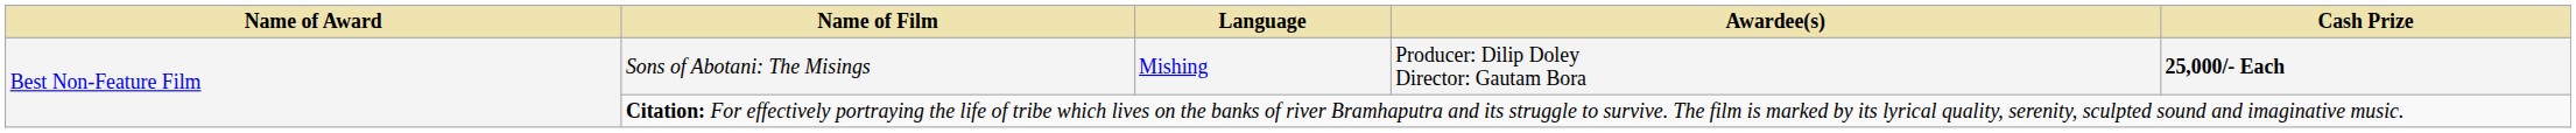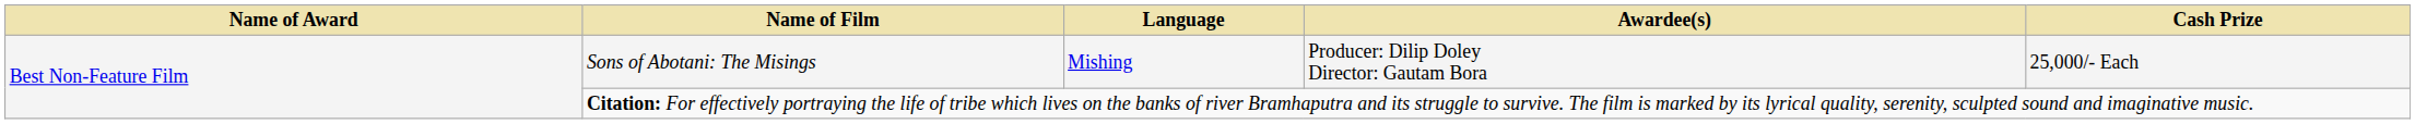 <table class="wikitable" style="width:100%;">
 <tr>
 <th style="background-color:#EFE4B0;width:24%;">Name of Award</th>
 <th style="background-color:#EFE4B0;width:20%;">Name of Film</th>
 <th style="background-color:#EFE4B0;width:10%;">Language</th>
 <th style="background-color:#EFE4B0;width:30%;">Awardee(s)</th>
 <th style="background-color:#EFE4B0;width:16%;">Cash Prize</th>
 </tr>
 <tr style="background-color:#F4F4F4">
 <td rowspan="2"><a href='#'>Best Non-Feature Film</a></td>
 <td><em>Sons of Abotani: The Misings</em></td>
 <td><a href='#'>Mishing</a></td>
 <td>Producer: Dilip Doley<br>Director: Gautam Bora</td>
-<td><strong> 25,000/- Each</strong></td>
+<td> 25,000/- Each</td>
 </tr>
 <tr style="background-color:#F9F9F9">
 <td colspan="4"><strong>Citation:</strong> <em>For effectively portraying the life of tribe which lives on the banks of river Bramhaputra and its struggle to survive. The film is marked by its lyrical quality, serenity, sculpted sound and imaginative music.</em></td>
 </tr>
 </table>
